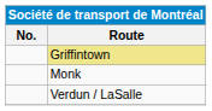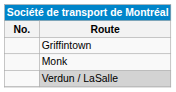 <table align=center class="wikitable">
 <tr>
 <th style="background: #0085CA; font-size:100%; color:#FFFFFF;"colspan="4">Société de transport de Montréal</th>
 </tr>
 <tr>
 <th>No.</th>
 <th>Route</th>
 </tr>
 <tr>
 <td></td>
-<td style="background: khaki;">Griffintown</td>
+<td>Griffintown</td>
 </tr>
 <tr>
 <td></td>
 <td>Monk</td>
 </tr>
 <tr>
 <td {{Avoid wrap> </td>
-<td>Verdun / LaSalle</td>
+<td style="background: lightgrey;">Verdun / LaSalle</td>
 </tr>
 <tr>
 </tr>
 </table>
